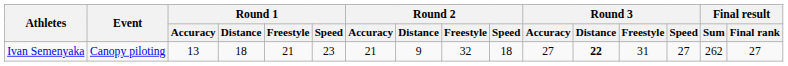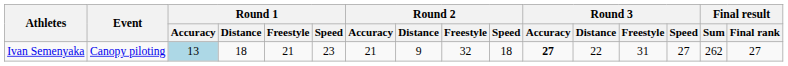 <table class=wikitable style="font-size:90%">
 <tr>
 <th rowspan="2">Athletes</th>
 <th rowspan="2">Event</th>
 <th colspan="4">Round 1</th>
 <th colspan="4">Round 2</th>
 <th colspan="4">Round 3</th>
 <th colspan="2">Final result</th>
 </tr>
 <tr style="font-size:95%">
 <th>Accuracy</th>
 <th>Distance</th>
 <th>Freestyle</th>
 <th>Speed</th>
 <th>Accuracy</th>
 <th>Distance</th>
 <th>Freestyle</th>
 <th>Speed</th>
 <th>Accuracy</th>
 <th>Distance</th>
 <th>Freestyle</th>
 <th>Speed</th>
 <th>Sum</th>
 <th>Final rank</th>
 </tr>
 <tr align=center>
 <td align=left><a href='#'>Ivan Semenyaka</a></td>
 <td align=left><a href='#'>Canopy piloting</a></td>
-<td>13</td>
+<td style="background: lightblue;">13</td>
 <td>18</td>
 <td>21</td>
 <td>23</td>
 <td>21</td>
 <td>9</td>
 <td>32</td>
 <td>18</td>
-<td>27</td>
-<td><strong>22</strong></td>
+<td><strong>27</strong></td>
+<td>22</td>
 <td>31</td>
 <td>27</td>
 <td>262</td>
 <td>27</td>
 </tr>
 </table>
